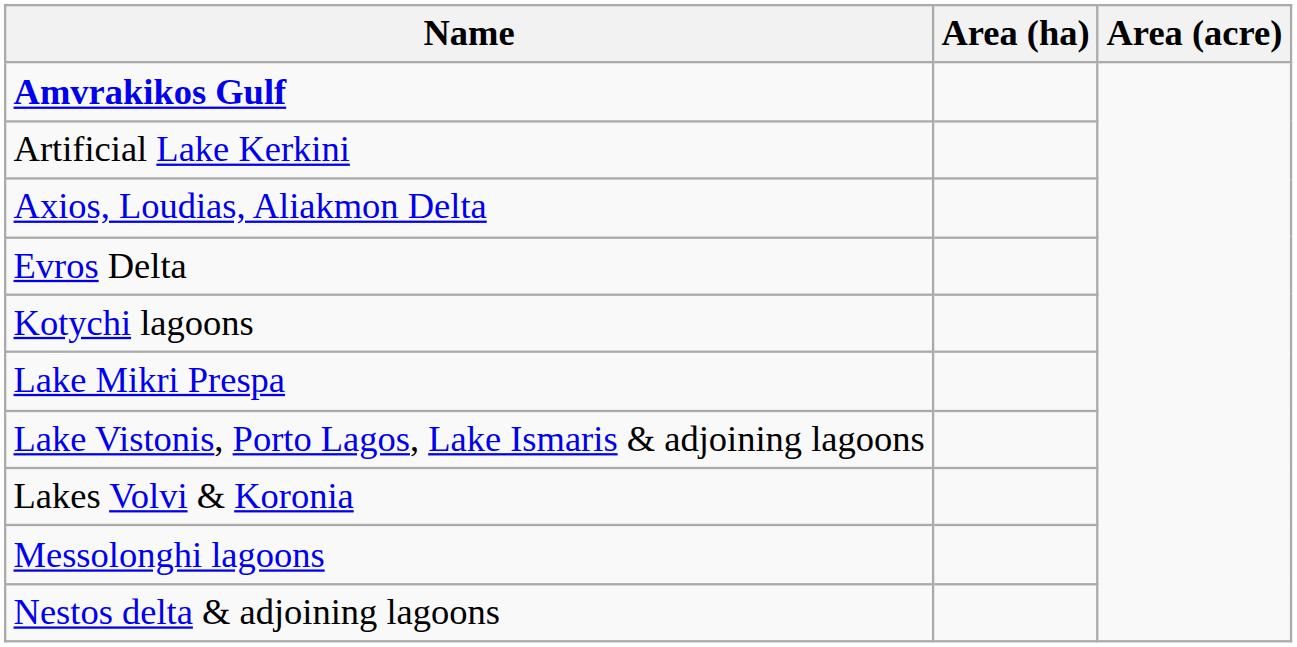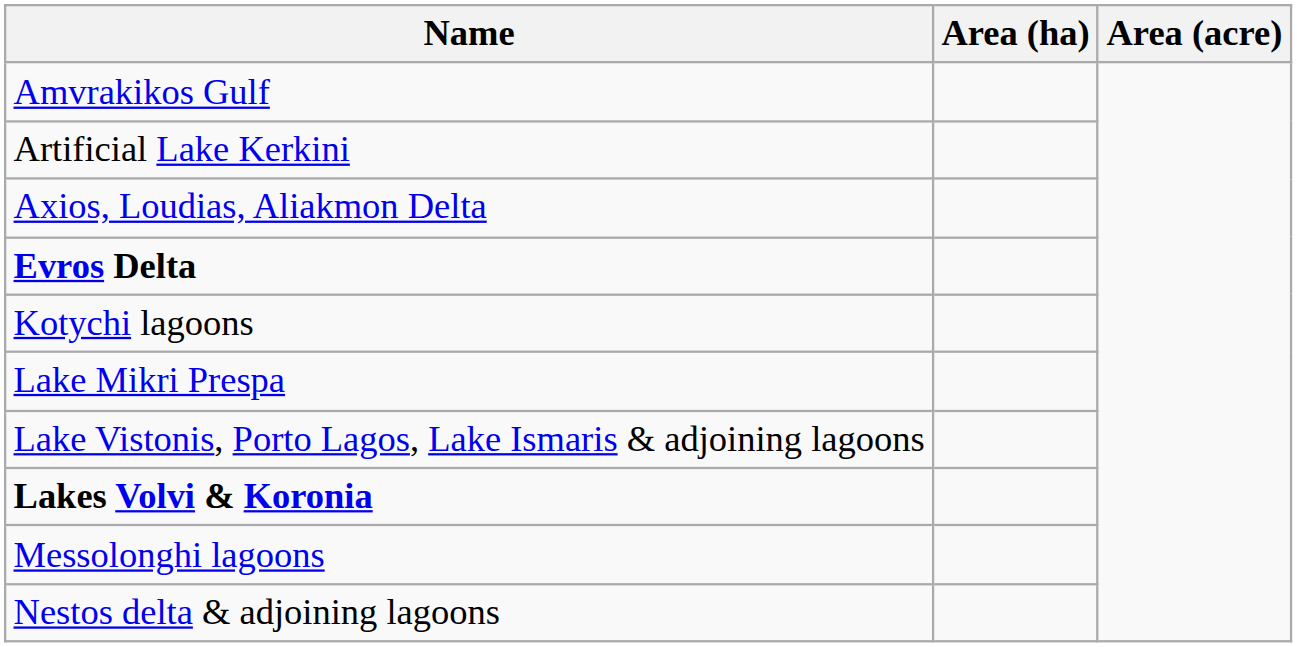 <table class="wikitable">
 <tr>
 <th scope="col" align=left>Name</th>
 <th scope="col">Area (ha)</th>
 <th scope="col">Area (acre)</th>
 </tr>
 <tr ---->
-<td><strong><a href='#'>Amvrakikos Gulf</a></strong></td>
+<td><a href='#'>Amvrakikos Gulf</a></td>
 <td></td>
 </tr>
 <tr ---->
 <td>Artificial <a href='#'>Lake Kerkini</a></td>
 <td></td>
 </tr>
 <tr ---->
 <td><a href='#'>Axios, Loudias, Aliakmon Delta</a></td>
 <td></td>
 </tr>
 <tr ---->
-<td><a href='#'>Evros</a> Delta</td>
+<td><strong><a href='#'>Evros</a> Delta</strong></td>
 <td></td>
 </tr>
 <tr ---->
 <td><a href='#'>Kotychi</a> lagoons</td>
 <td></td>
 </tr>
 <tr ---->
 <td><a href='#'>Lake Mikri Prespa</a></td>
 <td></td>
 </tr>
 <tr ---->
 <td><a href='#'>Lake Vistonis</a>, <a href='#'>Porto Lagos</a>, <a href='#'>Lake Ismaris</a> & adjoining lagoons</td>
 <td></td>
 </tr>
 <tr ---->
-<td>Lakes <a href='#'>Volvi</a> & <a href='#'>Koronia</a></td>
+<td><strong>Lakes <a href='#'>Volvi</a> & <a href='#'>Koronia</a></strong></td>
 <td></td>
 </tr>
 <tr ---->
 <td><a href='#'>Messolonghi lagoons</a></td>
 <td></td>
 </tr>
 <tr ---->
 <td><a href='#'>Nestos delta</a> & adjoining lagoons</td>
 <td></td>
 </tr>
 </table>
